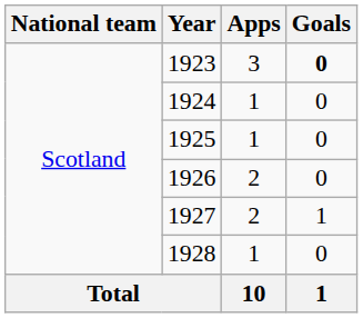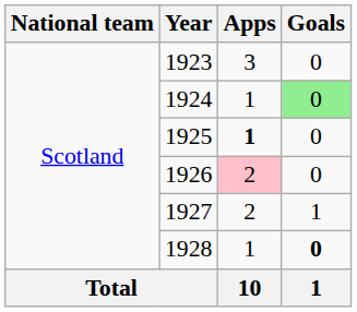 <table class="wikitable" style="text-align:center">
 <tr>
 <th>National team</th>
 <th>Year</th>
 <th>Apps</th>
 <th>Goals</th>
 </tr>
 <tr>
 <td rowspan="6"><a href='#'>Scotland</a></td>
 <td>1923</td>
 <td>3</td>
-<td><strong>0</strong></td>
+<td>0</td>
 </tr>
 <tr>
 <td>1924</td>
 <td>1</td>
-<td>0</td>
+<td style="background: lightgreen;">0</td>
 </tr>
 <tr>
 <td>1925</td>
-<td>1</td>
+<td><strong>1</strong></td>
 <td>0</td>
 </tr>
 <tr>
 <td>1926</td>
-<td>2</td>
+<td style="background: pink;">2</td>
 <td>0</td>
 </tr>
 <tr>
 <td>1927</td>
 <td>2</td>
 <td>1</td>
 </tr>
 <tr>
 <td>1928</td>
 <td>1</td>
-<td>0</td>
+<td><strong>0</strong></td>
 </tr>
 <tr>
 <th colspan="2">Total</th>
 <th>10</th>
 <th>1</th>
 </tr>
 </table>
